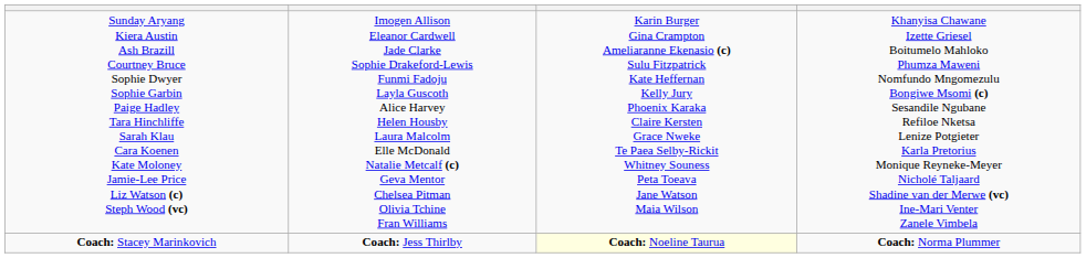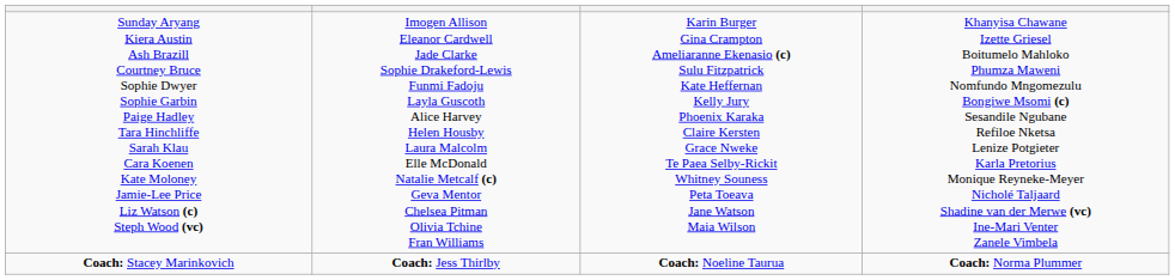 <table class=wikitable width=100% style="text-align:center; font-size:90%">
 <tr>
 <th></th>
 <th></th>
 <th></th>
 <th></th>
 </tr>
 <tr valign=top>
 <td><a href='#'>Sunday Aryang</a><br><a href='#'>Kiera Austin</a><br><a href='#'>Ash Brazill</a><br><a href='#'>Courtney Bruce</a><br>Sophie Dwyer<br><a href='#'>Sophie Garbin</a><br><a href='#'>Paige Hadley</a><br><a href='#'>Tara Hinchliffe</a><br><a href='#'>Sarah Klau</a><br><a href='#'>Cara Koenen</a><br><a href='#'>Kate Moloney</a><br><a href='#'>Jamie-Lee Price</a><br><a href='#'>Liz Watson</a> <strong>(c)</strong><br><a href='#'>Steph Wood</a> <strong>(vc)</strong></td>
 <td><a href='#'>Imogen Allison</a><br><a href='#'>Eleanor Cardwell</a><br><a href='#'>Jade Clarke</a><br><a href='#'>Sophie Drakeford-Lewis</a><br><a href='#'>Funmi Fadoju</a><br><a href='#'>Layla Guscoth</a><br>Alice Harvey<br><a href='#'>Helen Housby</a><br><a href='#'>Laura Malcolm</a><br>Elle McDonald<br><a href='#'>Natalie Metcalf</a> <strong>(c)</strong><br><a href='#'>Geva Mentor</a><br><a href='#'>Chelsea Pitman</a><br><a href='#'>Olivia Tchine</a><br><a href='#'>Fran Williams</a></td>
 <td><a href='#'>Karin Burger</a><br><a href='#'>Gina Crampton</a><br><a href='#'>Ameliaranne Ekenasio</a> <strong>(c)</strong><br><a href='#'>Sulu Fitzpatrick</a><br><a href='#'>Kate Heffernan</a><br><a href='#'>Kelly Jury</a><br><a href='#'>Phoenix Karaka</a><br><a href='#'>Claire Kersten</a><br><a href='#'>Grace Nweke</a><br><a href='#'>Te Paea Selby-Rickit</a><br><a href='#'>Whitney Souness</a><br><a href='#'>Peta Toeava</a><br><a href='#'>Jane Watson</a><br><a href='#'>Maia Wilson</a></td>
 <td><a href='#'>Khanyisa Chawane</a><br><a href='#'>Izette Griesel</a><br>Boitumelo Mahloko<br><a href='#'>Phumza Maweni</a><br>Nomfundo Mngomezulu<br><a href='#'>Bongiwe Msomi</a> <strong>(c)</strong><br>Sesandile Ngubane<br>Refiloe Nketsa<br>Lenize Potgieter<br><a href='#'>Karla Pretorius</a><br>Monique Reyneke-Meyer<br><a href='#'>Nicholé Taljaard</a><br><a href='#'>Shadine van der Merwe</a> <strong>(vc)</strong><br><a href='#'>Ine-Mari Venter</a><br><a href='#'>Zanele Vimbela</a></td>
 </tr>
 <tr>
 <td> <strong>Coach:</strong> <a href='#'>Stacey Marinkovich</a></td>
 <td> <strong>Coach:</strong> <a href='#'>Jess Thirlby</a></td>
-<td style="background: lightyellow;"> <strong>Coach:</strong> <a href='#'>Noeline Taurua</a></td>
+<td> <strong>Coach:</strong> <a href='#'>Noeline Taurua</a></td>
 <td> <strong>Coach:</strong> <a href='#'>Norma Plummer</a></td>
 </tr>
 </table>
